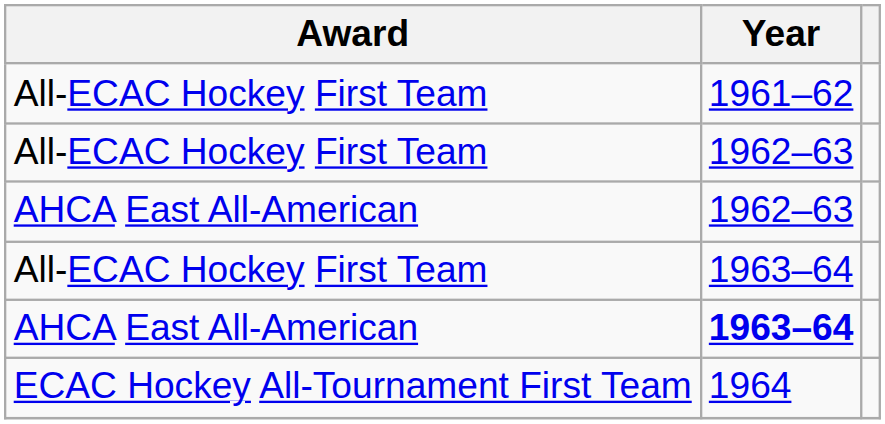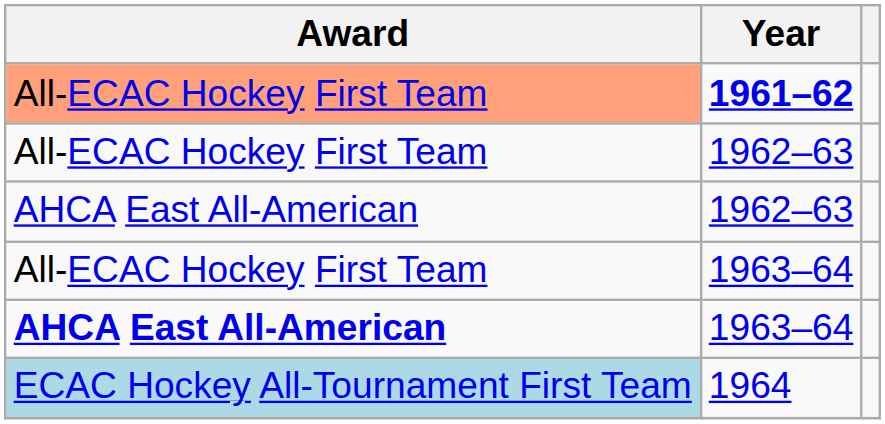 <table class="wikitable">
 <tr>
 <th>Award</th>
 <th>Year</th>
 <th></th>
 </tr>
 <tr>
-<td>All-<a href='#'>ECAC Hockey</a> <a href='#'>First Team</a></td>
-<td><a href='#'>1961–62</a></td>
+<td style="background: lightsalmon;">All-<a href='#'>ECAC Hockey</a> <a href='#'>First Team</a></td>
+<td><strong><a href='#'>1961–62</a></strong></td>
 <td></td>
 </tr>
 <tr>
 <td>All-<a href='#'>ECAC Hockey</a> <a href='#'>First Team</a></td>
 <td><a href='#'>1962–63</a></td>
 <td></td>
 </tr>
 <tr>
 <td><a href='#'>AHCA</a> <a href='#'>East All-American</a></td>
 <td><a href='#'>1962–63</a></td>
 <td></td>
 </tr>
 <tr>
 <td>All-<a href='#'>ECAC Hockey</a> <a href='#'>First Team</a></td>
 <td><a href='#'>1963–64</a></td>
 <td></td>
 </tr>
 <tr>
-<td><a href='#'>AHCA</a> <a href='#'>East All-American</a></td>
-<td><strong><a href='#'>1963–64</a></strong></td>
+<td><strong><a href='#'>AHCA</a> <a href='#'>East All-American</a></strong></td>
+<td><a href='#'>1963–64</a></td>
 <td></td>
 </tr>
 <tr>
-<td><a href='#'>ECAC Hockey</a> <a href='#'>All-Tournament First Team</a></td>
+<td style="background: lightblue;"><a href='#'>ECAC Hockey</a> <a href='#'>All-Tournament First Team</a></td>
 <td><a href='#'>1964</a></td>
 <td></td>
 </tr>
 <tr>
 </tr>
 </table>
